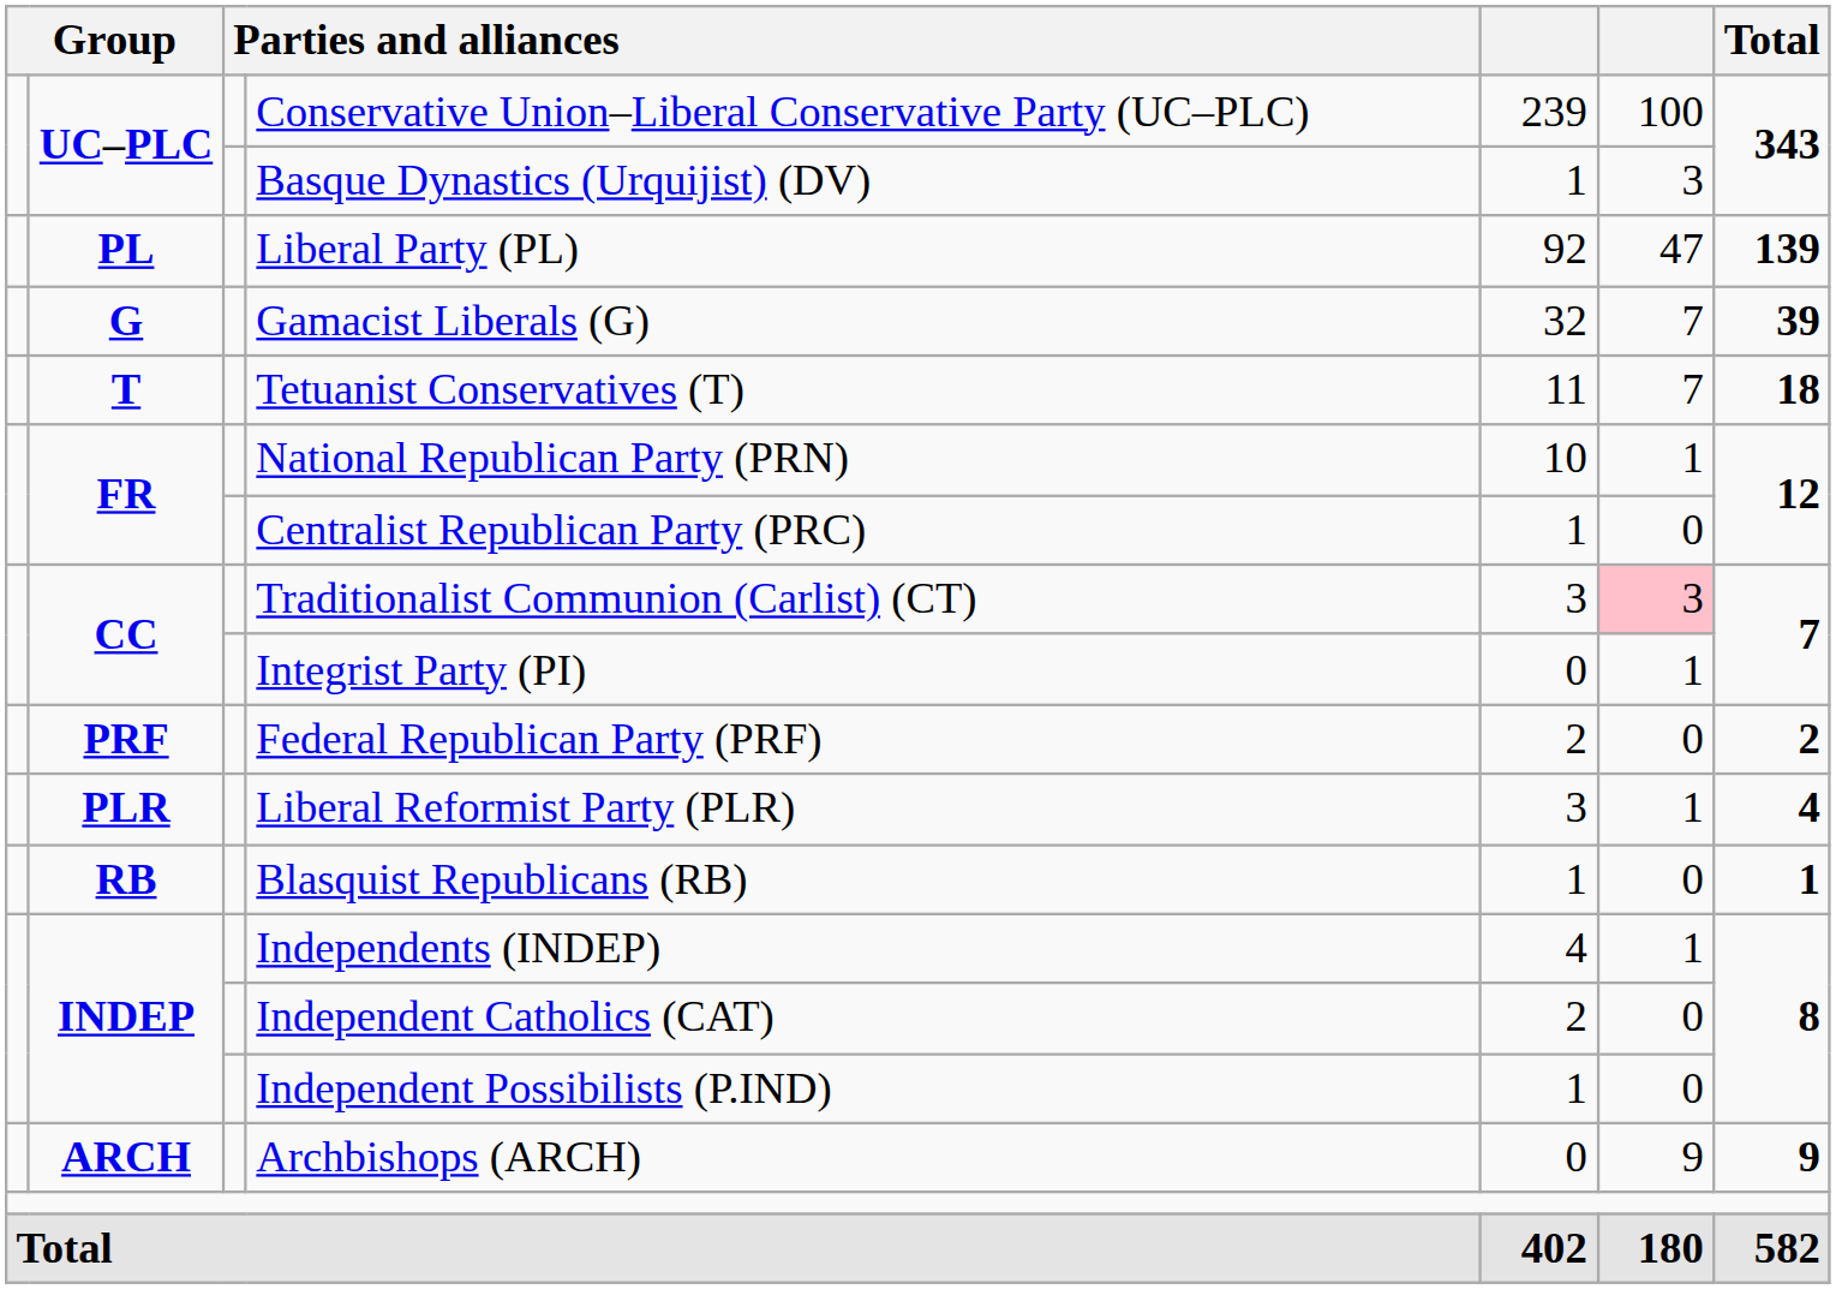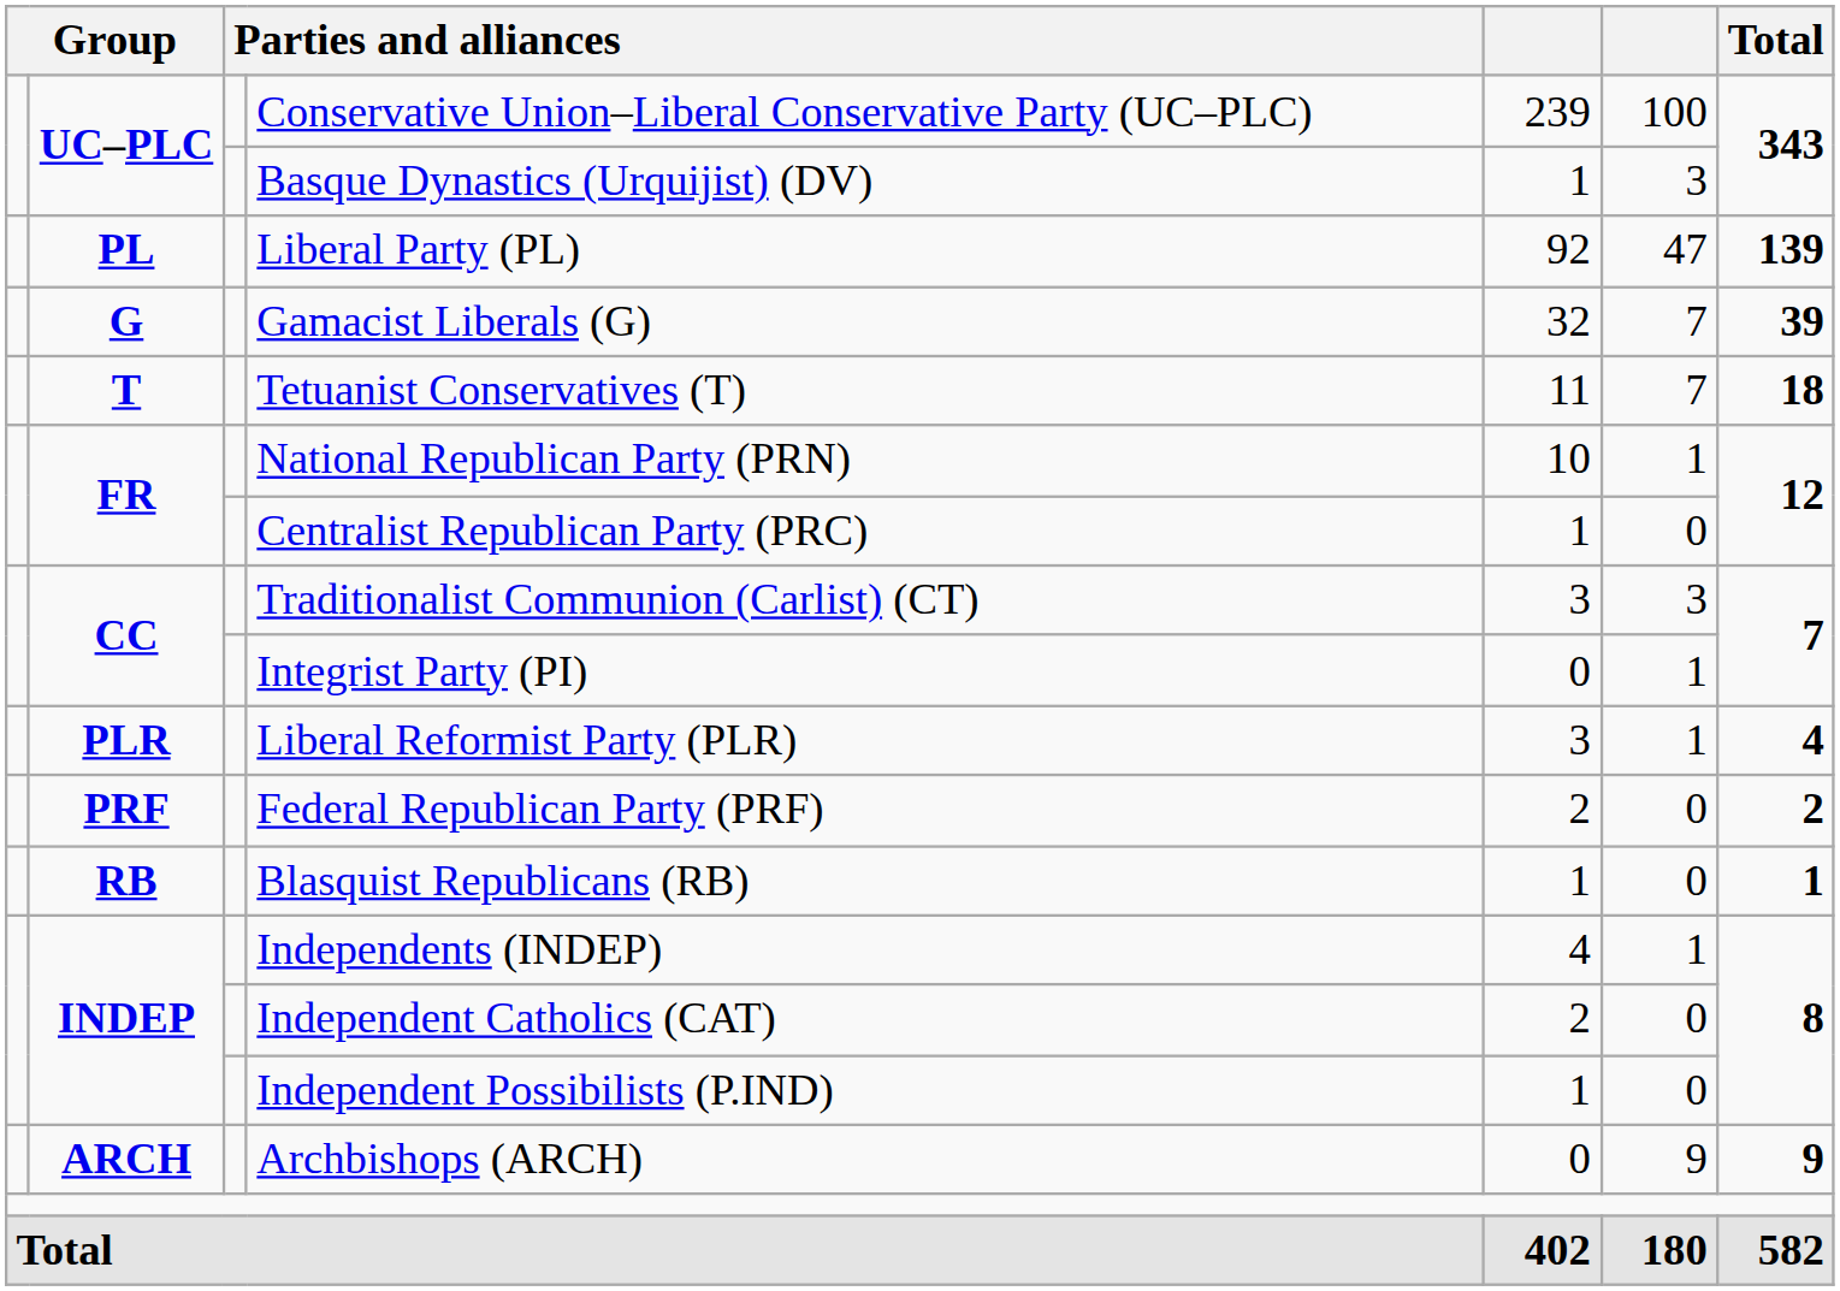 <table class="wikitable" style="text-align:right;">
 <tr>
 <th colspan="2" width="65">Group</th>
 <th style="text-align:left;" colspan="2" width="450">Parties and alliances</th>
 <th width="35"></th>
 <th width="35"></th>
 <th width="35">Total</th>
 </tr>
 <tr>
 <td rowspan="2" width="1"></td>
 <td rowspan="2" align="center"><strong><a href='#'>UC</a>–<a href='#'>PLC</a></strong></td>
 <td width="1" style="color:inherit;background:"></td>
 <td align="left"><a href='#'>Conservative Union</a>–<a href='#'>Liberal Conservative Party</a> (UC–PLC)</td>
 <td>239</td>
 <td>100</td>
 <td rowspan="2"><strong>343</strong></td>
 </tr>
 <tr>
 <td style="color:inherit;background:"></td>
 <td align="left"><a href='#'>Basque Dynastics (Urquijist)</a> (DV)</td>
 <td>1</td>
 <td>3</td>
 </tr>
 <tr>
 <td style="color:inherit;background:"></td>
 <td align="center"><strong><a href='#'>PL</a></strong></td>
 <td style="color:inherit;background:"></td>
 <td align="left"><a href='#'>Liberal Party</a> (PL)</td>
 <td>92</td>
 <td>47</td>
 <td><strong>139</strong></td>
 </tr>
 <tr>
 <td style="color:inherit;background:"></td>
 <td align="center"><strong><a href='#'>G</a></strong></td>
 <td style="color:inherit;background:"></td>
 <td align="left"><a href='#'>Gamacist Liberals</a> (G)</td>
 <td>32</td>
 <td>7</td>
 <td><strong>39</strong></td>
 </tr>
 <tr>
 <td style="color:inherit;background:"></td>
 <td align="center"><strong><a href='#'>T</a></strong></td>
 <td style="color:inherit;background:"></td>
 <td align="left"><a href='#'>Tetuanist Conservatives</a> (T)</td>
 <td>11</td>
 <td>7</td>
 <td><strong>18</strong></td>
 </tr>
 <tr>
 <td rowspan="2" style="color:inherit;background:"></td>
 <td rowspan="2" align="center"><strong><a href='#'>FR</a></strong></td>
 <td style="color:inherit;background:"></td>
 <td align="left"><a href='#'>National Republican Party</a> (PRN)</td>
 <td>10</td>
 <td>1</td>
 <td rowspan="2"><strong>12</strong></td>
 </tr>
 <tr>
 <td style="color:inherit;background:"></td>
 <td align="left"><a href='#'>Centralist Republican Party</a> (PRC)</td>
 <td>1</td>
 <td>0</td>
 </tr>
 <tr>
 <td rowspan="2" style="color:inherit;background:"></td>
 <td rowspan="2" align="center"><strong><a href='#'>CC</a></strong></td>
 <td style="color:inherit;background:"></td>
 <td align="left"><a href='#'>Traditionalist Communion (Carlist)</a> (CT)</td>
 <td>3</td>
-<td style="background: pink;">3</td>
+<td>3</td>
 <td rowspan="2"><strong>7</strong></td>
 </tr>
 <tr>
 <td style="color:inherit;background:"></td>
 <td align="left"><a href='#'>Integrist Party</a> (PI)</td>
 <td>0</td>
 <td>1</td>
 </tr>
 <tr>
 <td style="color:inherit;background:"></td>
+<td align="center"><strong><a href='#'>PLR</a></strong></td>
+<td style="color:inherit;background:"></td>
+<td align="left"><a href='#'>Liberal Reformist Party</a> (PLR)</td>
+<td>3</td>
+<td>1</td>
+<td><strong>4</strong></td>
+</tr>
+<tr>
+<td style="color:inherit;background:"></td>
 <td align="center"><strong><a href='#'>PRF</a></strong></td>
 <td style="color:inherit;background:"></td>
 <td align="left"><a href='#'>Federal Republican Party</a> (PRF)</td>
 <td>2</td>
 <td>0</td>
 <td><strong>2</strong></td>
-</tr>
-<tr>
-<td style="color:inherit;background:"></td>
-<td align="center"><strong><a href='#'>PLR</a></strong></td>
-<td style="color:inherit;background:"></td>
-<td align="left"><a href='#'>Liberal Reformist Party</a> (PLR)</td>
-<td>3</td>
-<td>1</td>
-<td><strong>4</strong></td>
 </tr>
 <tr>
 <td style="color:inherit;background:"></td>
 <td align="center"><strong><a href='#'>RB</a></strong></td>
 <td style="color:inherit;background:"></td>
 <td align="left"><a href='#'>Blasquist Republicans</a> (RB)</td>
 <td>1</td>
 <td>0</td>
 <td><strong>1</strong></td>
 </tr>
 <tr>
 <td rowspan="3" style="color:inherit;background:"></td>
 <td rowspan="3" align="center"><strong><a href='#'>INDEP</a></strong></td>
 <td style="color:inherit;background:"></td>
 <td align="left"><a href='#'>Independents</a> (INDEP)</td>
 <td>4</td>
 <td>1</td>
 <td rowspan="3"><strong>8</strong></td>
 </tr>
 <tr>
 <td style="color:inherit;background:"></td>
 <td align="left"><a href='#'>Independent Catholics</a> (CAT)</td>
 <td>2</td>
 <td>0</td>
 </tr>
 <tr>
 <td style="color:inherit;background:"></td>
 <td align="left"><a href='#'>Independent Possibilists</a> (P.IND)</td>
 <td>1</td>
 <td>0</td>
 </tr>
 <tr>
 <td style="color:inherit;background:"></td>
 <td align="center"><strong><a href='#'>ARCH</a></strong></td>
 <td style="color:inherit;background:"></td>
 <td align="left"><a href='#'>Archbishops</a> (ARCH)</td>
 <td>0</td>
 <td>9</td>
 <td><strong>9</strong></td>
 </tr>
 <tr>
 <td colspan="7"></td>
 </tr>
 <tr style="background:#E4E4E4; font-weight:bold;">
 <td align="left" colspan="4">Total</td>
 <td>402</td>
 <td>180</td>
 <td>582</td>
 </tr>
 </table>
